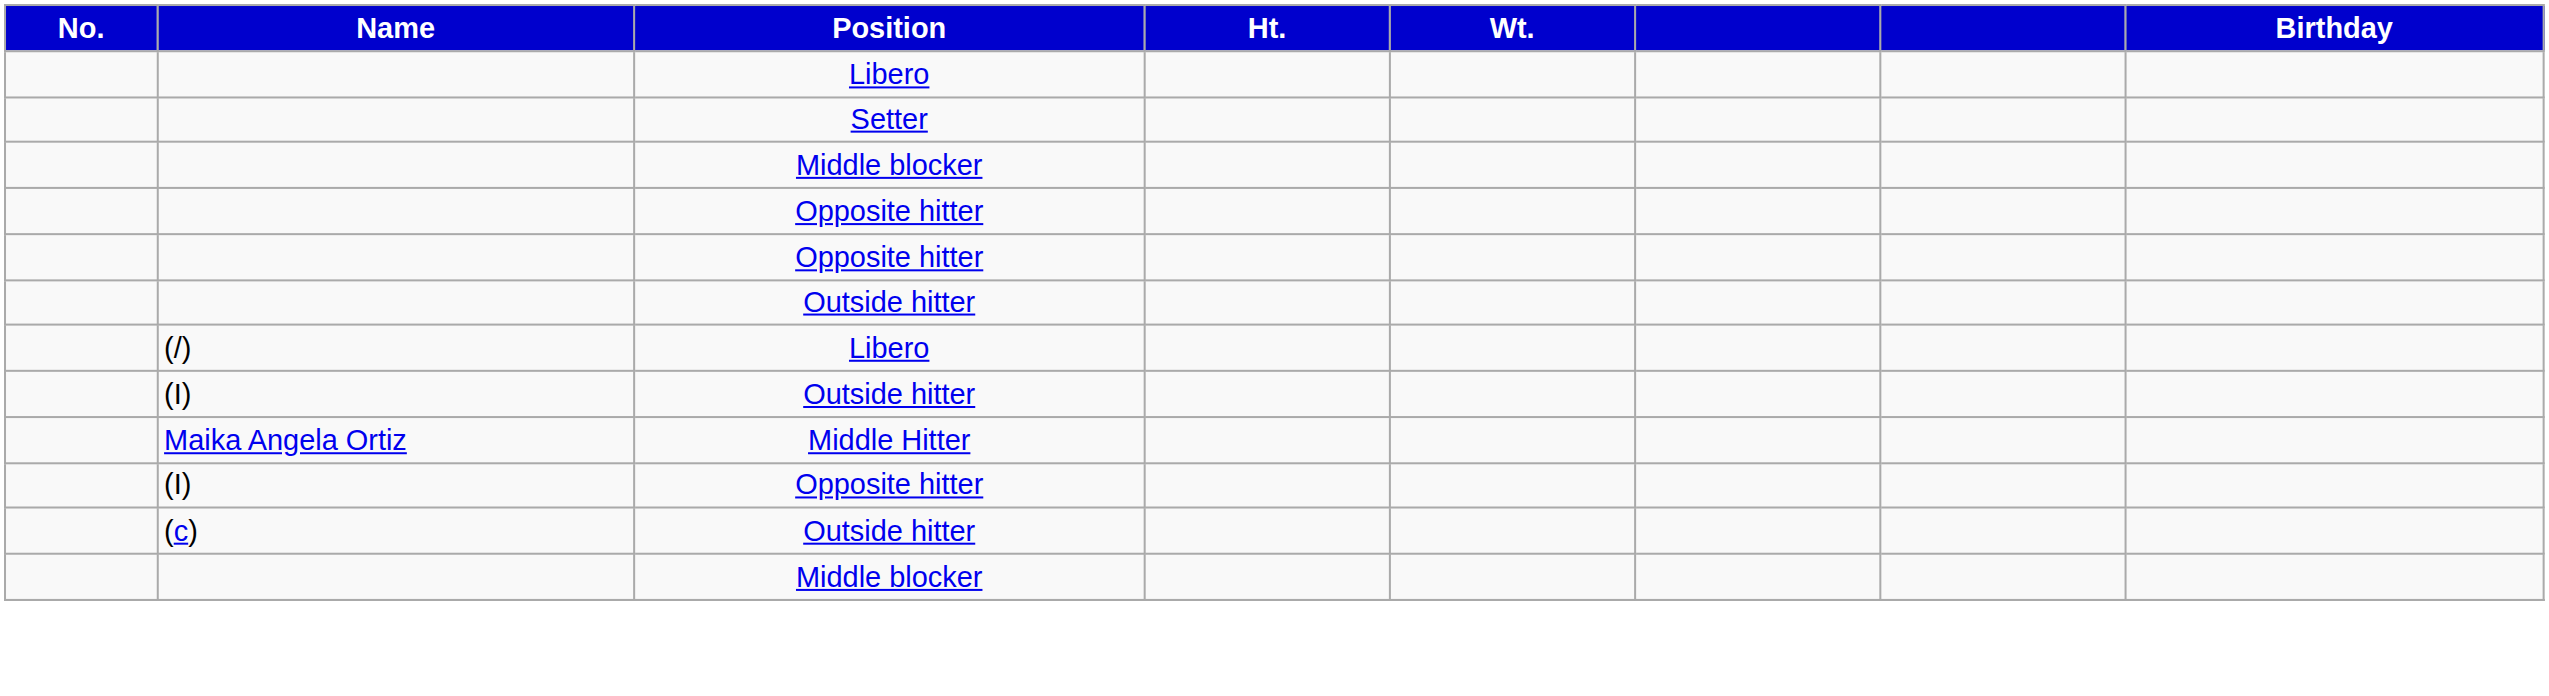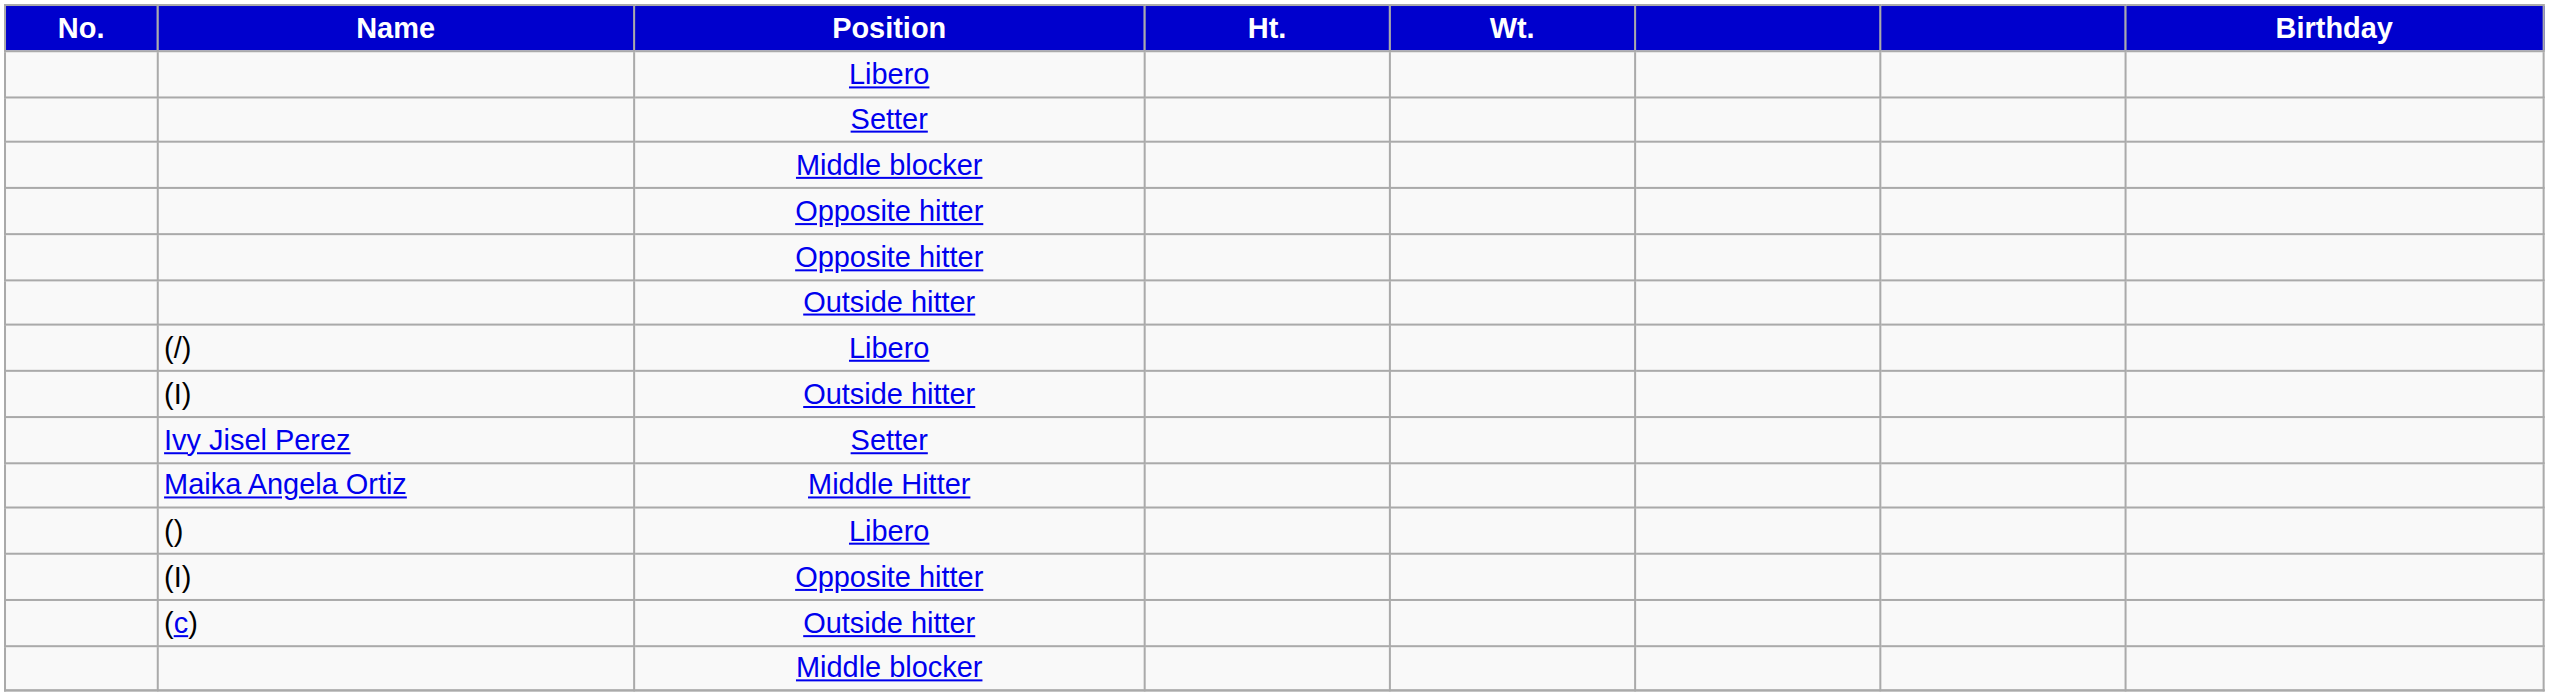 <table class="wikitable sortable" style="font-size:90%; text-align:center; width:100%;">
 <tr>
 <th style="background:#0000CD; color:white; text-align: center"><strong>No.</strong></th>
 <th style="width:16em; background:#0000CD; color:white;">Name</th>
 <th style="background:#0000CD; color:white; text-align: center"><strong>Position</strong></th>
 <th style="width:8em; background:#0000CD; color:white;">Ht.</th>
 <th style="width:8em; background:#0000CD; color:white;">Wt.</th>
 <th style="width:8em; background:#0000CD; color:white;"></th>
 <th style="width:8em; background:#0000CD; color:white;"></th>
 <th style="width:14em; background:#0000CD; color:white;">Birthday</th>
 </tr>
 <tr>
 <td></td>
 <td align=left> </td>
 <td><a href='#'>Libero</a></td>
 <td></td>
 <td></td>
 <td></td>
 <td></td>
 <td align=right></td>
 </tr>
 <tr>
 <td></td>
 <td align=left> </td>
 <td><a href='#'>Setter</a></td>
 <td></td>
 <td></td>
 <td></td>
 <td></td>
 <td align=right></td>
 </tr>
 <tr>
 <td></td>
 <td align=left> </td>
 <td><a href='#'>Middle blocker</a></td>
 <td></td>
 <td></td>
 <td></td>
 <td></td>
 <td align=right></td>
 </tr>
 <tr>
 <td></td>
 <td align=left> </td>
 <td><a href='#'>Opposite hitter</a></td>
 <td></td>
 <td></td>
 <td></td>
 <td></td>
 <td align=right></td>
 </tr>
 <tr>
 <td></td>
 <td align=left> </td>
 <td><a href='#'>Opposite hitter</a></td>
 <td></td>
 <td></td>
 <td></td>
 <td></td>
 <td align=right></td>
 </tr>
 <tr>
 <td></td>
 <td align=left> </td>
 <td><a href='#'>Outside hitter</a></td>
 <td></td>
 <td></td>
 <td></td>
 <td></td>
 <td align=right></td>
 </tr>
 <tr>
 <td></td>
 <td align=left>  (/)</td>
 <td><a href='#'>Libero</a></td>
 <td></td>
 <td></td>
 <td></td>
 <td></td>
 <td align=right></td>
 </tr>
 <tr>
 <td></td>
 <td align=left>  (I)</td>
 <td><a href='#'>Outside hitter</a></td>
 <td></td>
 <td></td>
 <td></td>
 <td></td>
 <td align=right></td>
 </tr>
 <tr>
 <td></td>
+<td align=left> <a href='#'>Ivy Jisel Perez</a></td>
+<td><a href='#'>Setter</a></td>
+<td></td>
+<td></td>
+<td></td>
+<td></td>
+<td align=right></td>
+</tr>
+<tr>
+<td></td>
 <td align=left>  <a href='#'>Maika Angela Ortiz</a></td>
 <td><a href='#'>Middle Hitter</a></td>
+<td></td>
+<td></td>
+<td></td>
+<td></td>
+<td align=right></td>
+</tr>
+<tr>
+<td></td>
+<td align=left>  ()</td>
+<td><a href='#'>Libero</a></td>
 <td></td>
 <td></td>
 <td></td>
 <td></td>
 <td align=right></td>
 </tr>
 <tr>
 <td></td>
 <td align=left>  (I)</td>
 <td><a href='#'>Opposite hitter</a></td>
 <td></td>
 <td></td>
 <td></td>
 <td></td>
 <td align=right></td>
 </tr>
 <tr>
 <td></td>
 <td align=left>  (<a href='#'>c</a>)</td>
 <td><a href='#'>Outside hitter</a></td>
 <td></td>
 <td></td>
 <td></td>
 <td></td>
 <td align=right></td>
 </tr>
 <tr>
 <td></td>
 <td align=left> </td>
 <td><a href='#'>Middle blocker</a></td>
 <td></td>
 <td></td>
 <td></td>
 <td></td>
 <td align=right></td>
 </tr>
 <tr>
 </tr>
 </table>
